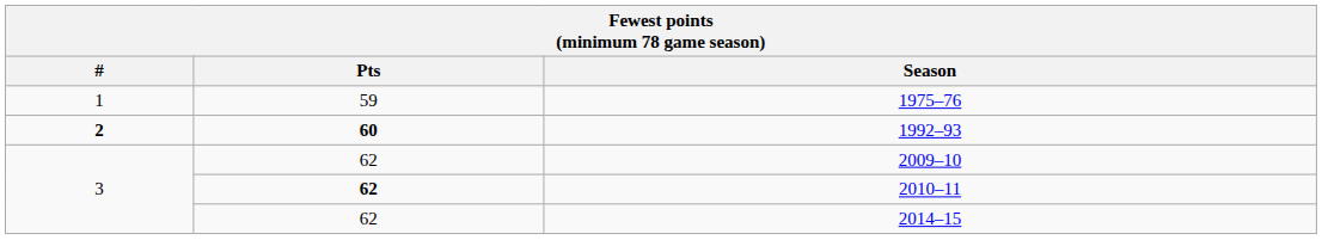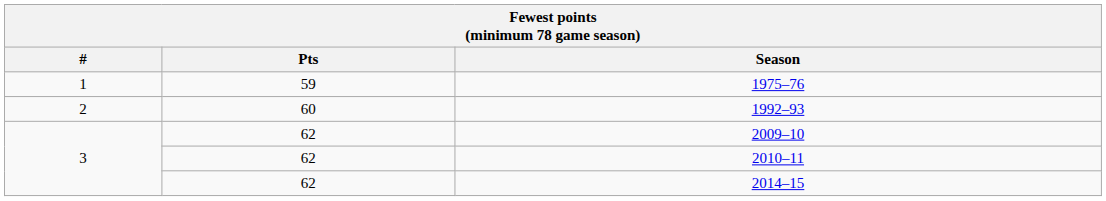 <table class="wikitable" style="text-align: center; font-size: 95%" width="70%">
 <tr>
 <th colspan="3">Fewest points<br>(minimum 78 game season)</th>
 </tr>
 <tr>
 <th>#</th>
 <th>Pts</th>
 <th>Season</th>
 </tr>
 <tr>
 <td>1</td>
 <td>59</td>
 <td><a href='#'>1975–76</a></td>
 </tr>
 <tr>
-<td><strong>2</strong></td>
-<td><strong>60</strong></td>
+<td>2</td>
+<td>60</td>
 <td><a href='#'>1992–93</a></td>
 </tr>
 <tr>
 <td rowspan="3">3</td>
 <td>62</td>
 <td><a href='#'>2009–10</a></td>
 </tr>
 <tr>
-<td><strong>62</strong></td>
+<td>62</td>
 <td><a href='#'>2010–11</a></td>
 </tr>
 <tr>
 <td>62</td>
 <td><a href='#'>2014–15</a></td>
 </tr>
 </table>
